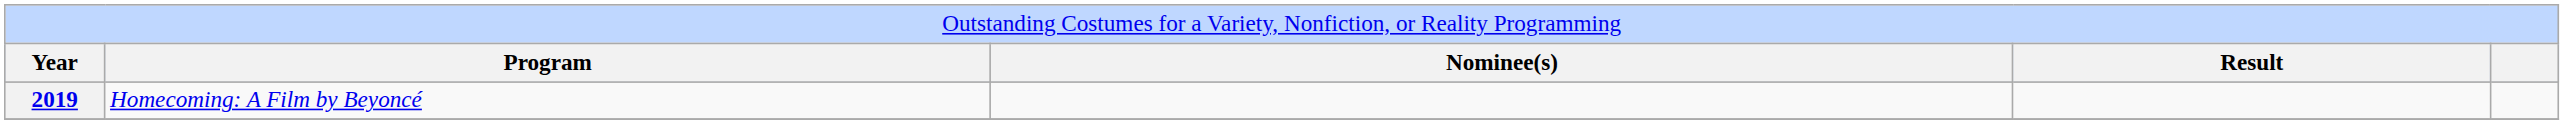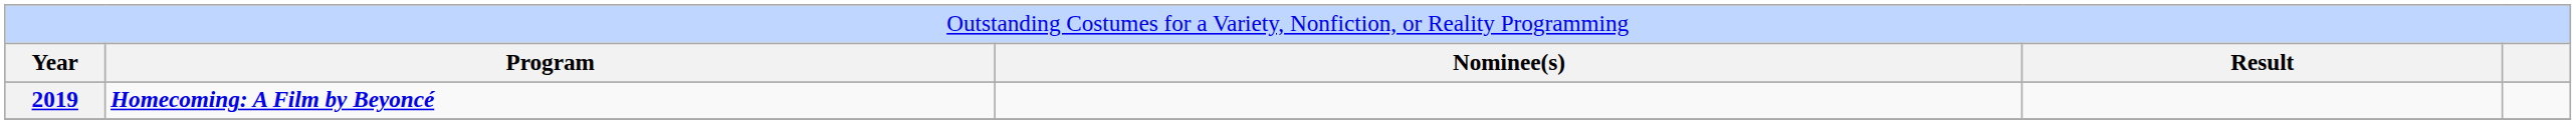 <table class="wikitable plainrowheaders" style="font-size: 90%" width=80%>
 <tr ---- bgcolor="#bfd7ff">
 <td colspan=5 align=center><a href='#'>Outstanding Costumes for a Variety, Nonfiction, or Reality Programming</a></td>
 </tr>
 <tr ---- bgcolor="#bfd7ff">
 <th scope="col" style="width:1%;">Year</th>
 <th scope="col" style="width:13%;">Program</th>
 <th scope="col" style="width:15%;">Nominee(s)</th>
 <th scope="col" style="width:7%;">Result</th>
 <th scope="col" style="width:1%;"></th>
 </tr>
 <tr>
 <th scope=row><a href='#'>2019</a></th>
-<td><em><a href='#'>Homecoming: A Film by Beyoncé</a></em></td>
+<td><strong><em><a href='#'>Homecoming: A Film by Beyoncé</a></em></strong></td>
 <td></td>
 <td></td>
 <td></td>
 </tr>
 <tr>
 </tr>
 </table>
